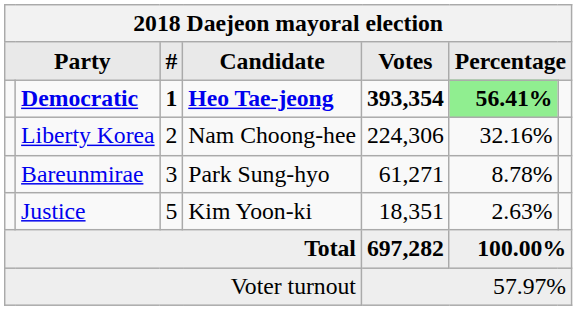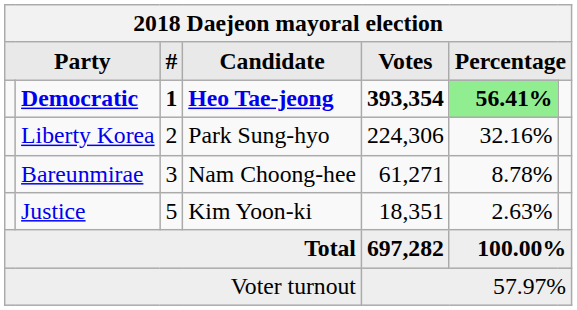 <table class="wikitable">
 <tr>
 <th colspan="7">2018 Daejeon mayoral election</th>
 </tr>
 <tr>
 <th style="background-color:#E9E9E9" colspan=2>Party</th>
 <th style="background-color:#E9E9E9">#</th>
 <th style="background-color:#E9E9E9">Candidate</th>
 <th style="background-color:#E9E9E9">Votes</th>
 <th style="background-color:#E9E9E9" colspan=2>Percentage</th>
 </tr>
 <tr style="font-weight:bold">
 <td></td>
 <td align=left><a href='#'>Democratic</a></td>
 <td align=center>1</td>
 <td align=left><a href='#'>Heo Tae-jeong</a></td>
 <td align=right>393,354</td>
 <td align=right style="background: lightgreen;">56.41%</td>
 <td align=right></td>
 </tr>
 <tr>
 <td></td>
 <td align=left><a href='#'>Liberty Korea</a></td>
 <td align=center>2</td>
-<td align=left>Nam Choong-hee</td>
+<td align=left>Park Sung-hyo</td>
 <td align=right>224,306</td>
 <td align=right>32.16%</td>
 <td align=right></td>
 </tr>
 <tr>
 <td></td>
 <td align=left><a href='#'>Bareunmirae</a></td>
 <td align=center>3</td>
-<td align=left>Park Sung-hyo</td>
+<td align=left>Nam Choong-hee</td>
 <td align=right>61,271</td>
 <td align=right>8.78%</td>
 <td align=right></td>
 </tr>
 <tr>
 <td></td>
 <td align=left><a href='#'>Justice</a></td>
 <td align=center>5</td>
 <td align=left>Kim Yoon-ki</td>
 <td align=right>18,351</td>
 <td align=right>2.63%</td>
 <td align=right></td>
 </tr>
 <tr bgcolor="#EEEEEE" style="font-weight:bold">
 <td colspan="4" align=right>Total</td>
 <td align=right>697,282</td>
 <td align=right colspan=2>100.00%</td>
 </tr>
 <tr bgcolor="#EEEEEE">
 <td colspan="4" align="right">Voter turnout</td>
 <td colspan="3" align="right">57.97%</td>
 </tr>
 </table>
